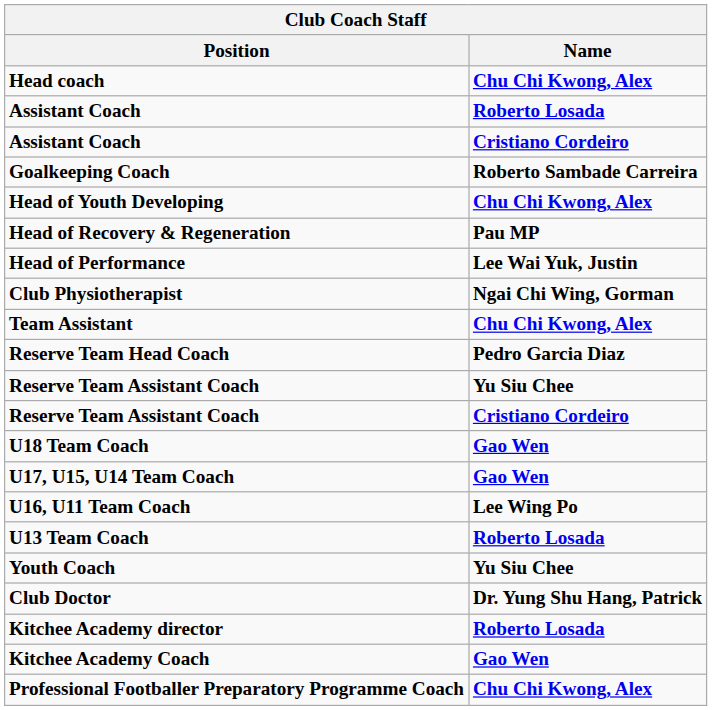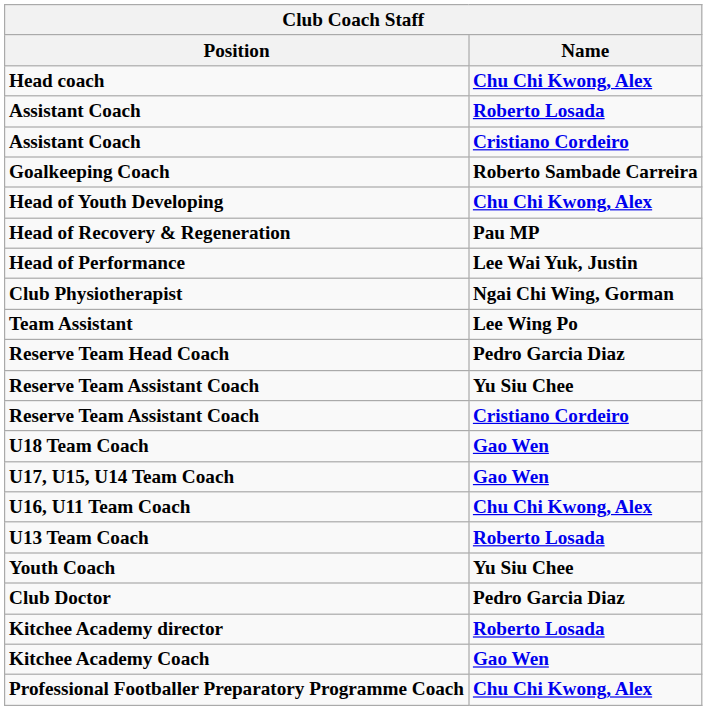 <table class="wikitable">
 <tr>
 <th colspan=2>Club Coach Staff</th>
 </tr>
 <tr>
 <th>Position</th>
 <th>Name</th>
 </tr>
 <tr>
 <td><strong>Head coach</strong></td>
 <td> <strong><a href='#'>Chu Chi Kwong, Alex</a></strong></td>
 </tr>
 <tr>
 <td><strong>Assistant Coach</strong></td>
 <td> <strong><a href='#'>Roberto Losada</a></strong></td>
 </tr>
 <tr>
 <td><strong>Assistant Coach</strong></td>
 <td> <strong><a href='#'>Cristiano Cordeiro</a></strong></td>
 </tr>
 <tr>
 <td><strong>Goalkeeping Coach</strong></td>
 <td> <strong>Roberto Sambade Carreira</strong></td>
 </tr>
 <tr>
 <td><strong>Head of Youth Developing</strong></td>
 <td> <strong><a href='#'>Chu Chi Kwong, Alex</a></strong></td>
 </tr>
 <tr>
 <td><strong>Head of Recovery & Regeneration</strong></td>
 <td> <strong>Pau MP</strong></td>
 </tr>
 <tr>
 <td><strong>Head of Performance</strong></td>
 <td> <strong>Lee Wai Yuk, Justin</strong></td>
 </tr>
 <tr>
 <td><strong>Club Physiotherapist</strong></td>
 <td> <strong>Ngai Chi Wing, Gorman</strong></td>
 </tr>
 <tr>
 <td><strong>Team Assistant</strong></td>
-<td> <strong><a href='#'>Chu Chi Kwong, Alex</a></strong></td>
+<td> <strong>Lee Wing Po</strong></td>
 </tr>
 <tr>
 <td><strong>Reserve Team Head Coach</strong></td>
 <td> <strong>Pedro Garcia Diaz</strong></td>
 </tr>
 <tr>
 <td><strong>Reserve Team Assistant Coach</strong></td>
 <td> <strong>Yu Siu Chee</strong></td>
 </tr>
 <tr>
 <td><strong>Reserve Team Assistant Coach</strong></td>
 <td> <strong><a href='#'>Cristiano Cordeiro</a></strong></td>
 </tr>
 <tr>
 <td><strong>U18 Team Coach</strong></td>
 <td> <strong><a href='#'>Gao Wen</a></strong></td>
 </tr>
 <tr>
 <td><strong>U17, U15, U14 Team Coach</strong></td>
 <td> <strong><a href='#'>Gao Wen</a></strong></td>
 </tr>
 <tr>
 <td><strong>U16, U11 Team Coach</strong></td>
-<td> <strong>Lee Wing Po</strong></td>
+<td> <strong><a href='#'>Chu Chi Kwong, Alex</a></strong></td>
 </tr>
 <tr>
 <td><strong>U13 Team Coach</strong></td>
 <td> <strong><a href='#'>Roberto Losada</a></strong></td>
 </tr>
 <tr>
 <td><strong>Youth Coach</strong></td>
 <td> <strong>Yu Siu Chee</strong></td>
 </tr>
 <tr>
 <td><strong>Club Doctor</strong></td>
-<td> <strong>Dr. Yung Shu Hang, Patrick</strong></td>
+<td> <strong>Pedro Garcia Diaz</strong></td>
 </tr>
 <tr>
 <td><strong>Kitchee Academy director</strong></td>
 <td> <strong><a href='#'>Roberto Losada</a></strong></td>
 </tr>
 <tr>
 <td><strong>Kitchee Academy Coach</strong></td>
 <td> <strong><a href='#'>Gao Wen</a></strong></td>
 </tr>
 <tr>
 <td><strong>Professional Footballer Preparatory Programme Coach</strong></td>
 <td> <strong><a href='#'>Chu Chi Kwong, Alex</a></strong></td>
 </tr>
 </table>
